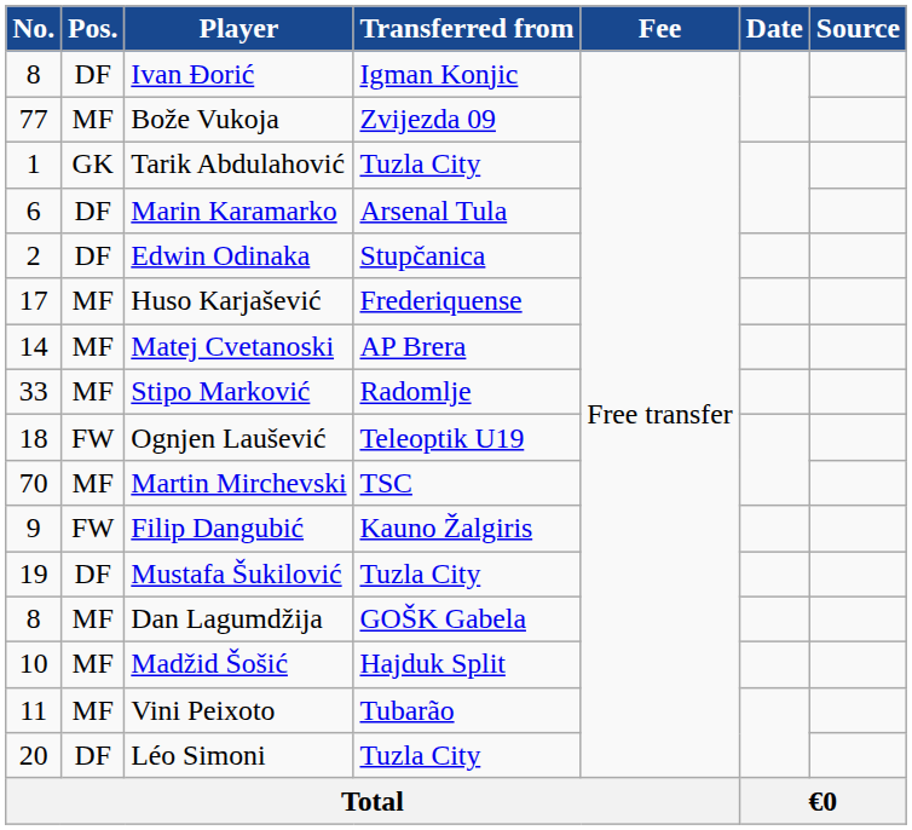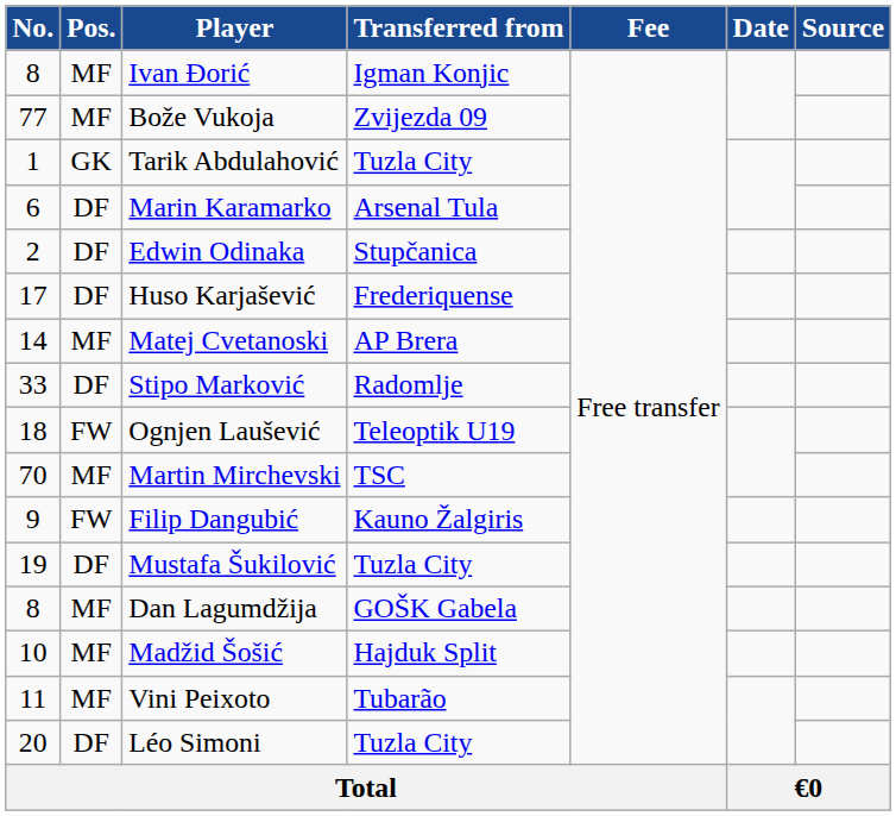 <table class="wikitable plainrowheaders sortable">
 <tr>
 <th style="background:#18488f; color:#FFFFFF; ">No.</th>
 <th style="background:#18488f; color:#FFFFFF; ">Pos.</th>
 <th style="background:#18488f; color:#FFFFFF; ">Player</th>
 <th style="background:#18488f; color:#FFFFFF; ">Transferred from</th>
 <th style="background:#18488f; color:#FFFFFF; ">Fee</th>
 <th style="background:#18488f; color:#FFFFFF; ">Date</th>
 <th style="background:#18488f; color:#FFFFFF; ">Source</th>
 </tr>
 <tr>
 <td align=center>8</td>
-<td align=center>DF</td>
+<td align=center>MF</td>
 <td> <a href='#'>Ivan Đorić</a></td>
 <td><a href='#'>Igman Konjic</a></td>
 <td rowspan=16>Free transfer</td>
 <td rowspan=2></td>
 <td align=center></td>
 </tr>
 <tr>
 <td align=center>77</td>
 <td align=center>MF</td>
 <td> Bože Vukoja</td>
 <td><a href='#'>Zvijezda 09</a></td>
 <td align=center></td>
 </tr>
 <tr>
 <td align=center>1</td>
 <td align=center>GK</td>
 <td> Tarik Abdulahović</td>
 <td><a href='#'>Tuzla City</a></td>
 <td rowspan=2></td>
 <td align=center></td>
 </tr>
 <tr>
 <td align=center>6</td>
 <td align=center>DF</td>
 <td> <a href='#'>Marin Karamarko</a></td>
 <td> <a href='#'>Arsenal Tula</a></td>
 <td align=center></td>
 </tr>
 <tr>
 <td align=center>2</td>
 <td align=center>DF</td>
 <td> <a href='#'>Edwin Odinaka</a></td>
 <td><a href='#'>Stupčanica</a></td>
 <td></td>
 <td align=center></td>
 </tr>
 <tr>
 <td align=center>17</td>
-<td align=center>MF</td>
+<td align=center>DF</td>
 <td> Huso Karjašević</td>
 <td> <a href='#'>Frederiquense</a></td>
 <td></td>
 <td align=center></td>
 </tr>
 <tr>
 <td align=center>14</td>
 <td align=center>MF</td>
 <td> <a href='#'>Matej Cvetanoski</a></td>
 <td> <a href='#'>AP Brera</a></td>
 <td></td>
 <td align=center></td>
 </tr>
 <tr>
 <td align=center>33</td>
-<td align=center>MF</td>
+<td align=center>DF</td>
 <td> <a href='#'>Stipo Marković</a></td>
 <td> <a href='#'>Radomlje</a></td>
 <td></td>
 <td align=center></td>
 </tr>
 <tr>
 <td align=center>18</td>
 <td align=center>FW</td>
 <td> Ognjen Laušević</td>
 <td> <a href='#'>Teleoptik U19</a></td>
 <td rowspan=2></td>
 <td align=center></td>
 </tr>
 <tr>
 <td align=center>70</td>
 <td align=center>MF</td>
 <td> <a href='#'>Martin Mirchevski</a></td>
 <td> <a href='#'>TSC</a></td>
 <td align=center></td>
 </tr>
 <tr>
 <td align=center>9</td>
 <td align=center>FW</td>
 <td> <a href='#'>Filip Dangubić</a></td>
 <td> <a href='#'>Kauno Žalgiris</a></td>
 <td></td>
 <td align=center></td>
 </tr>
 <tr>
 <td align=center>19</td>
 <td align=center>DF</td>
 <td> <a href='#'>Mustafa Šukilović</a></td>
 <td><a href='#'>Tuzla City</a></td>
 <td></td>
 <td align=center></td>
 </tr>
 <tr>
 <td align=center>8</td>
 <td align=center>MF</td>
 <td> Dan Lagumdžija</td>
 <td><a href='#'>GOŠK Gabela</a></td>
 <td></td>
 <td align=center></td>
 </tr>
 <tr>
 <td align=center>10</td>
 <td align=center>MF</td>
 <td> <a href='#'>Madžid Šošić</a></td>
 <td> <a href='#'>Hajduk Split</a></td>
 <td></td>
 <td align=center></td>
 </tr>
 <tr>
 <td align=center>11</td>
 <td align=center>MF</td>
 <td> Vini Peixoto</td>
 <td> <a href='#'>Tubarão</a></td>
 <td rowspan=2></td>
 <td align=center></td>
 </tr>
 <tr>
 <td align=center>20</td>
 <td align=center>DF</td>
 <td> Léo Simoni</td>
 <td><a href='#'>Tuzla City</a></td>
 <td align=center></td>
 </tr>
 <tr>
 <th colspan="5">Total</th>
 <th colspan="2">€0</th>
 </tr>
 </table>
